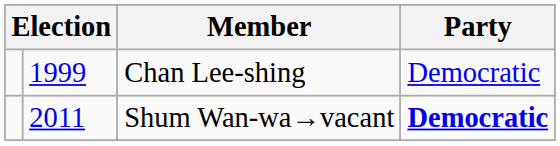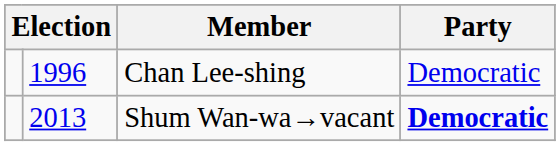 <table class="wikitable">
 <tr>
 <th colspan="2">Election</th>
 <th>Member</th>
 <th>Party</th>
 </tr>
 <tr>
 <td style="background-color: "></td>
-<td><a href='#'>1999</a></td>
+<td><a href='#'>1996</a></td>
 <td>Chan Lee-shing</td>
 <td><a href='#'>Democratic</a></td>
 </tr>
 <tr>
 <td style="background-color: "></td>
-<td><a href='#'>2011</a></td>
+<td><a href='#'>2013</a></td>
 <td>Shum Wan-wa→vacant</td>
 <td><strong><a href='#'>Democratic</a></strong></td>
 </tr>
 </table>
